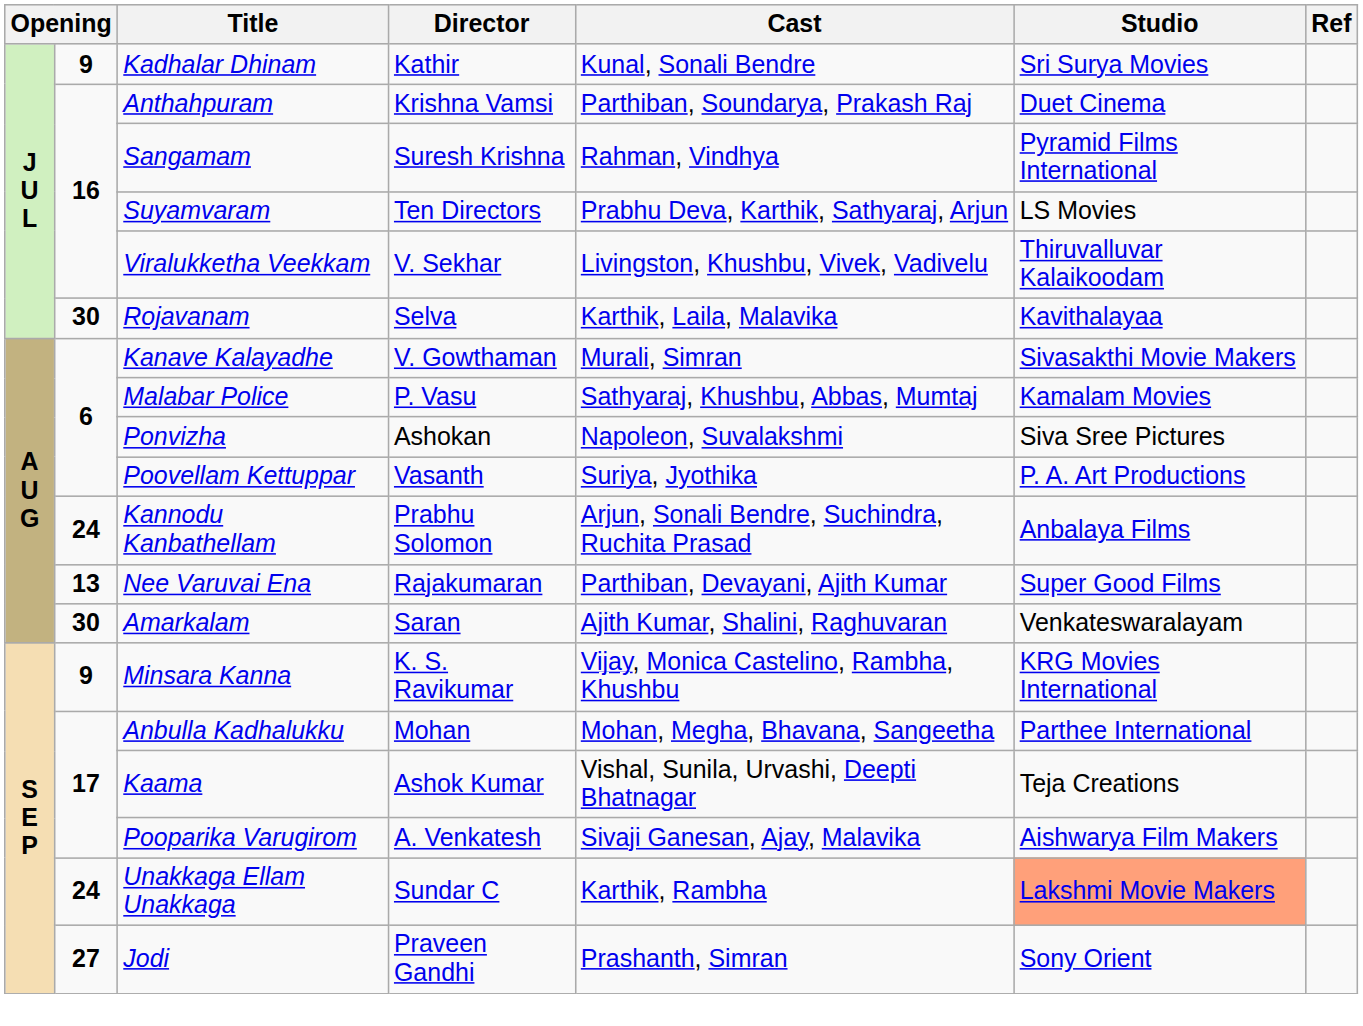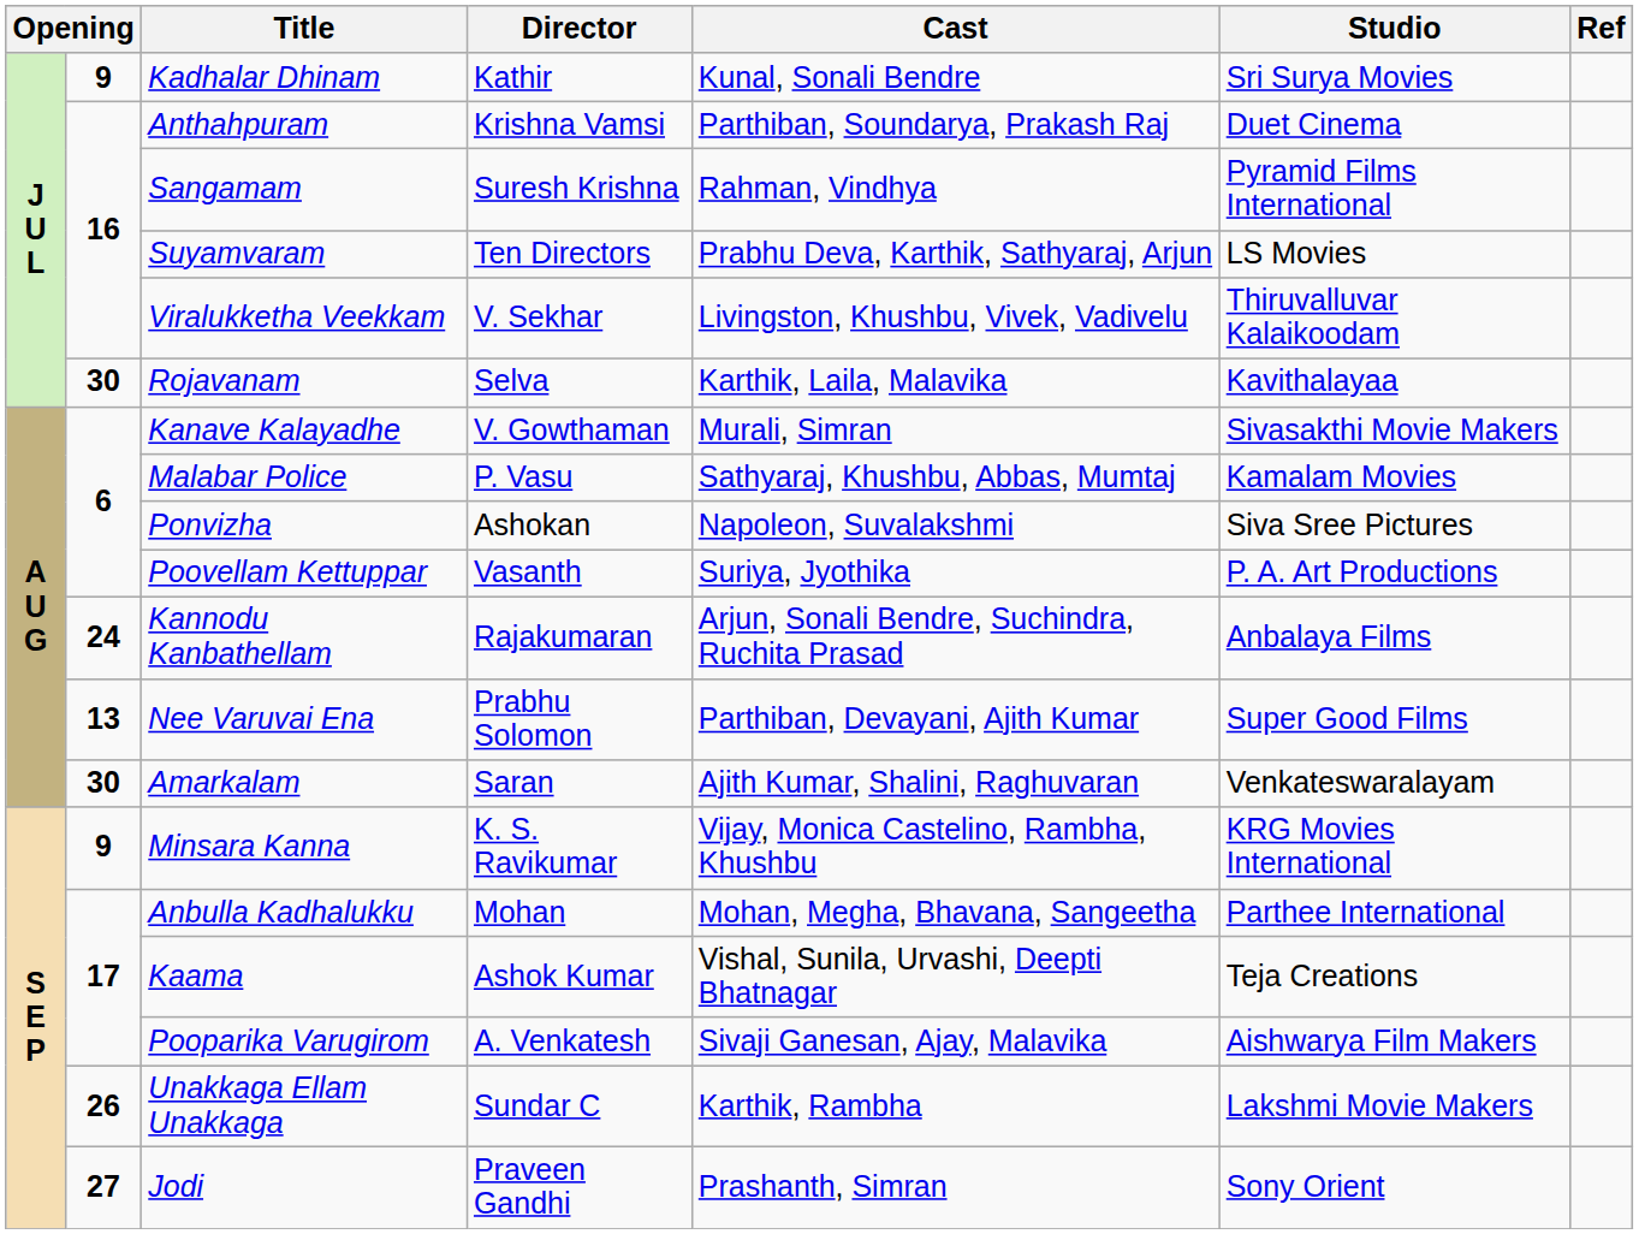 <table class="wikitable">
 <tr>
 <th colspan="2">Opening</th>
 <th>Title</th>
 <th>Director</th>
 <th>Cast</th>
 <th>Studio</th>
 <th>Ref</th>
 </tr>
 <tr --   July!="???">
 <td rowspan="6" valign="center" align="center" style="background: #d0f0c0; textcolor:#000;"><strong>J<br>U<br>L</strong></td>
 <td rowspan="1" align="center"><strong>9</strong></td>
 <td><em><a href='#'>Kadhalar Dhinam</a></em></td>
 <td><a href='#'>Kathir</a></td>
 <td><a href='#'>Kunal</a>, <a href='#'>Sonali Bendre</a></td>
 <td><a href='#'>Sri Surya Movies</a></td>
 <td></td>
 </tr>
 <tr -->
 <td rowspan="4" align="center"><strong>16</strong></td>
 <td><em><a href='#'>Anthahpuram</a></em></td>
 <td><a href='#'>Krishna Vamsi</a></td>
 <td><a href='#'>Parthiban</a>, <a href='#'>Soundarya</a>, <a href='#'>Prakash Raj</a></td>
 <td><a href='#'>Duet Cinema</a></td>
 <td></td>
 </tr>
 <tr -->
 <td><em><a href='#'>Sangamam</a></em></td>
 <td><a href='#'>Suresh Krishna</a></td>
 <td><a href='#'>Rahman</a>, <a href='#'>Vindhya</a></td>
 <td><a href='#'>Pyramid Films International</a></td>
 <td></td>
 </tr>
 <tr -->
 <td><em><a href='#'>Suyamvaram</a></em></td>
 <td><a href='#'>Ten Directors</a></td>
 <td><a href='#'>Prabhu Deva</a>, <a href='#'>Karthik</a>, <a href='#'>Sathyaraj</a>, <a href='#'>Arjun</a></td>
 <td>LS Movies</td>
 <td></td>
 </tr>
 <tr -->
 <td><em><a href='#'>Viralukketha Veekkam</a></em></td>
 <td><a href='#'>V. Sekhar</a></td>
 <td><a href='#'>Livingston</a>, <a href='#'>Khushbu</a>, <a href='#'>Vivek</a>, <a href='#'>Vadivelu</a></td>
 <td><a href='#'>Thiruvalluvar Kalaikoodam</a></td>
 <td></td>
 </tr>
 <tr -->
 <td rowspan="1" align="center"><strong>30</strong></td>
 <td><em><a href='#'>Rojavanam</a></em></td>
 <td><a href='#'>Selva</a></td>
 <td><a href='#'>Karthik</a>, <a href='#'>Laila</a>, <a href='#'>Malavika</a></td>
 <td><a href='#'>Kavithalayaa</a></td>
 <td></td>
 </tr>
 <tr --   August!="???">
 <td rowspan="7" valign="center" align="center" style="background:#C2B280;"><strong>A<br>U<br>G</strong></td>
 <td rowspan="4" align="center"><strong>6</strong></td>
 <td><em><a href='#'>Kanave Kalayadhe</a></em></td>
 <td><a href='#'>V. Gowthaman</a></td>
 <td><a href='#'>Murali</a>, <a href='#'>Simran</a></td>
 <td><a href='#'>Sivasakthi Movie Makers</a></td>
 <td></td>
 </tr>
 <tr -->
 <td><em><a href='#'>Malabar Police</a></em></td>
 <td><a href='#'>P. Vasu</a></td>
 <td><a href='#'>Sathyaraj</a>, <a href='#'>Khushbu</a>, <a href='#'>Abbas</a>, <a href='#'>Mumtaj</a></td>
 <td><a href='#'>Kamalam Movies</a></td>
 <td></td>
 </tr>
 <tr -->
 <td><em><a href='#'>Ponvizha</a></em></td>
 <td>Ashokan</td>
 <td><a href='#'>Napoleon</a>, <a href='#'>Suvalakshmi</a></td>
 <td>Siva Sree Pictures</td>
 <td></td>
 </tr>
 <tr -->
 <td><em><a href='#'>Poovellam Kettuppar</a></em></td>
 <td><a href='#'>Vasanth</a></td>
 <td><a href='#'>Suriya</a>, <a href='#'>Jyothika</a></td>
 <td><a href='#'>P. A. Art Productions</a></td>
 <td></td>
 </tr>
 <tr -->
 <td rowspan="1" align="center"><strong>24</strong></td>
 <td><em><a href='#'>Kannodu Kanbathellam</a></em></td>
-<td><a href='#'>Prabhu Solomon</a></td>
+<td><a href='#'>Rajakumaran</a></td>
 <td><a href='#'>Arjun</a>, <a href='#'>Sonali Bendre</a>, <a href='#'>Suchindra</a>, <a href='#'>Ruchita Prasad</a></td>
 <td><a href='#'>Anbalaya Films</a></td>
 <td></td>
 </tr>
 <tr -->
 <td rowspan="1" align="center"><strong>13</strong></td>
 <td><em><a href='#'>Nee Varuvai Ena</a></em></td>
-<td><a href='#'>Rajakumaran</a></td>
+<td><a href='#'>Prabhu Solomon</a></td>
 <td><a href='#'>Parthiban</a>, <a href='#'>Devayani</a>, <a href='#'>Ajith Kumar</a></td>
 <td><a href='#'>Super Good Films</a></td>
 <td></td>
 </tr>
 <tr -->
 <td rowspan="1" align="center"><strong>30</strong></td>
 <td><em><a href='#'>Amarkalam</a></em></td>
 <td><a href='#'>Saran</a></td>
 <td><a href='#'>Ajith Kumar</a>, <a href='#'>Shalini</a>, <a href='#'>Raghuvaran</a></td>
 <td>Venkateswaralayam</td>
 <td></td>
 </tr>
 <tr -->
 <td rowspan="6" valign="center" align="center" style="background:#F5DEB3; textcolor:#000;"><strong>S<br>E<br>P</strong></td>
 <td align="center"><strong>9</strong></td>
 <td><em><a href='#'>Minsara Kanna</a></em></td>
 <td><a href='#'>K. S. Ravikumar</a></td>
 <td><a href='#'>Vijay</a>, <a href='#'>Monica Castelino</a>, <a href='#'>Rambha</a>, <a href='#'>Khushbu</a></td>
 <td><a href='#'>KRG Movies International</a></td>
 <td></td>
 </tr>
 <tr -->
 <td rowspan="3" align="center"><strong>17</strong></td>
 <td><em><a href='#'>Anbulla Kadhalukku</a></em></td>
 <td><a href='#'>Mohan</a></td>
 <td><a href='#'>Mohan</a>, <a href='#'>Megha</a>, <a href='#'>Bhavana</a>, <a href='#'>Sangeetha</a></td>
 <td><a href='#'>Parthee International</a></td>
 <td></td>
 </tr>
 <tr -->
 <td><em><a href='#'>Kaama</a></em></td>
 <td><a href='#'>Ashok Kumar</a></td>
 <td>Vishal, Sunila, Urvashi, <a href='#'>Deepti Bhatnagar</a></td>
 <td>Teja Creations</td>
 <td></td>
 </tr>
 <tr -->
 <td><em><a href='#'>Pooparika Varugirom</a></em></td>
 <td><a href='#'>A. Venkatesh</a></td>
 <td><a href='#'>Sivaji Ganesan</a>, <a href='#'>Ajay</a>, <a href='#'>Malavika</a></td>
 <td><a href='#'>Aishwarya Film Makers</a></td>
 <td></td>
 </tr>
 <tr -->
-<td rowspan="1" align="center"><strong>24</strong></td>
+<td rowspan="1" align="center"><strong>26</strong></td>
 <td><em><a href='#'>Unakkaga Ellam Unakkaga</a></em></td>
 <td><a href='#'>Sundar C</a></td>
 <td><a href='#'>Karthik</a>, <a href='#'>Rambha</a></td>
-<td style="background: lightsalmon;"><a href='#'>Lakshmi Movie Makers</a></td>
+<td><a href='#'>Lakshmi Movie Makers</a></td>
 <td></td>
 </tr>
 <tr -->
 <td align="center"><strong>27</strong></td>
 <td><em><a href='#'>Jodi</a></em></td>
 <td><a href='#'>Praveen Gandhi</a></td>
 <td><a href='#'>Prashanth</a>, <a href='#'>Simran</a></td>
 <td><a href='#'>Sony Orient</a></td>
 <td></td>
 </tr>
 </table>
